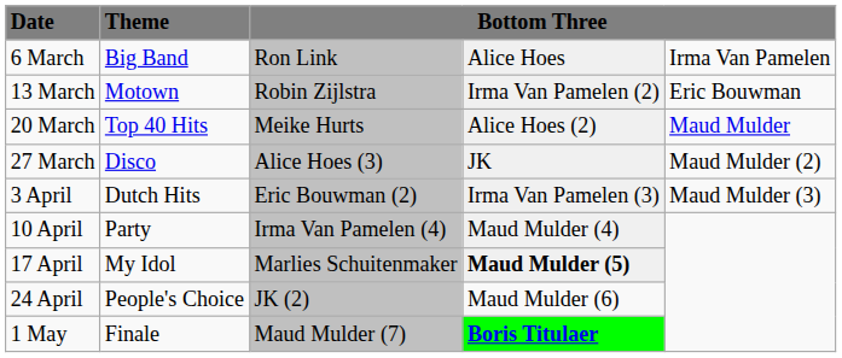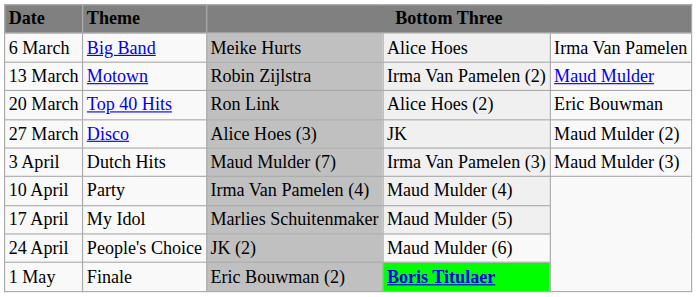 <table class="wikitable">
 <tr bgcolor=#808080>
 <td><strong>Date</strong></td>
 <td><strong>Theme</strong></td>
 <td colspan=3 align="center"><strong>Bottom Three</strong></td>
 </tr>
 <tr>
 <td>6 March</td>
 <td><a href='#'>Big Band</a></td>
-<td bgcolor="#C0C0C0">Ron Link</td>
+<td bgcolor="#C0C0C0">Meike Hurts</td>
 <td bgcolor="#F0F0F0">Alice Hoes</td>
 <td>Irma Van Pamelen</td>
 </tr>
 <tr>
 <td>13 March</td>
 <td><a href='#'>Motown</a></td>
 <td bgcolor="#C0C0C0">Robin Zijlstra</td>
 <td bgcolor="#F0F0F0">Irma Van Pamelen (2)</td>
-<td>Eric Bouwman</td>
+<td><a href='#'>Maud Mulder</a></td>
 </tr>
 <tr>
 <td>20 March</td>
 <td><a href='#'>Top 40 Hits</a></td>
-<td bgcolor="#C0C0C0">Meike Hurts</td>
+<td bgcolor="#C0C0C0">Ron Link</td>
 <td bgcolor="#F0F0F0">Alice Hoes (2)</td>
-<td><a href='#'>Maud Mulder</a></td>
+<td>Eric Bouwman</td>
 </tr>
 <tr>
 <td>27 March</td>
 <td><a href='#'>Disco</a></td>
 <td bgcolor="#C0C0C0">Alice Hoes (3)</td>
 <td bgcolor="#F0F0F0">JK</td>
 <td>Maud Mulder (2)</td>
 </tr>
 <tr>
 <td>3 April</td>
 <td>Dutch Hits</td>
-<td bgcolor="#C0C0C0">Eric Bouwman (2)</td>
+<td bgcolor="#C0C0C0">Maud Mulder (7)</td>
 <td bgcolor="#F0F0F0">Irma Van Pamelen (3)</td>
 <td>Maud Mulder (3)</td>
 </tr>
 <tr>
 <td>10 April</td>
 <td>Party</td>
 <td bgcolor="#C0C0C0">Irma Van Pamelen (4)</td>
 <td bgcolor="#F0F0F0">Maud Mulder (4)</td>
 </tr>
 <tr>
 <td>17 April</td>
 <td>My Idol</td>
 <td bgcolor="#C0C0C0">Marlies Schuitenmaker</td>
-<td bgcolor="#F0F0F0"><strong>Maud Mulder (5)</strong></td>
+<td bgcolor="#F0F0F0">Maud Mulder (5)</td>
 </tr>
 <tr>
 <td>24 April</td>
 <td>People's Choice</td>
 <td bgcolor="#C0C0C0">JK (2)</td>
 <td>Maud Mulder (6)</td>
 </tr>
 <tr>
 <td>1 May</td>
 <td>Finale</td>
-<td bgcolor="#C0C0C0">Maud Mulder (7)</td>
+<td bgcolor="#C0C0C0">Eric Bouwman (2)</td>
 <td bgcolor="lime"><strong><a href='#'>Boris Titulaer</a></strong></td>
 </tr>
 </table>
